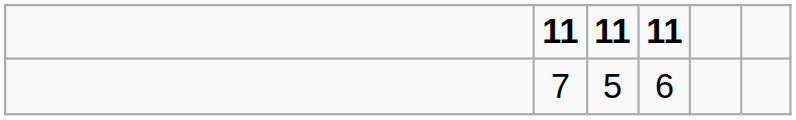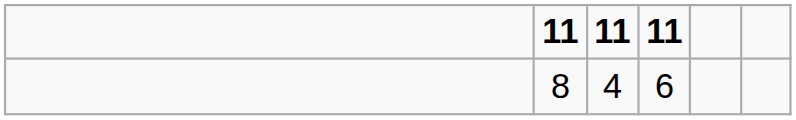 <table class="wikitable">
 <tr>
 <td style="width:15em"></td>
 <td align=center style="width:1em"><strong>11</strong></td>
 <td align=center style="width:1em"><strong>11</strong></td>
 <td align=center style="width:1em"><strong>11</strong></td>
 <td align=center style="width:1em"></td>
 <td align=center style="width:1em"></td>
 </tr>
 <tr>
 <td style="width:15em"></td>
-<td align=center style="width:1em">7</td>
-<td align=center style="width:1em">5</td>
+<td align=center style="width:1em">8</td>
+<td align=center style="width:1em">4</td>
 <td align=center style="width:1em">6</td>
 <td align=center style="width:1em"></td>
 <td align=center style="width:1em"></td>
 </tr>
 </table>
